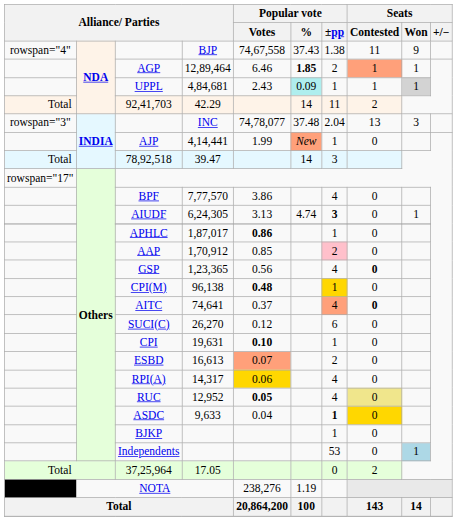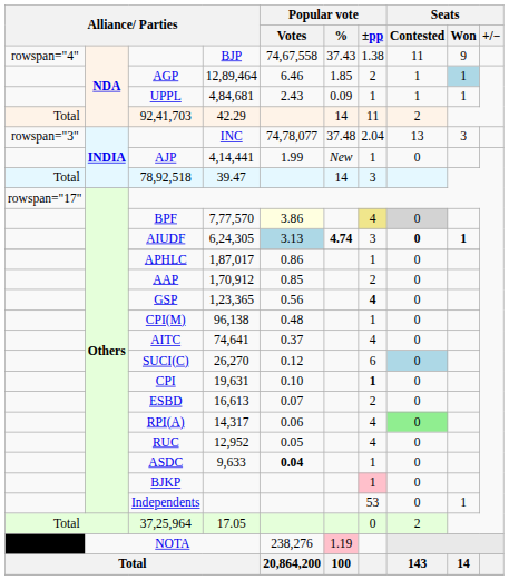 <table class="wikitable sortable" style="text-align:center;">
 <tr>
 <th colspan="4" rowspan="2">Alliance/ Parties</th>
 <th colspan="3">Popular vote</th>
 <th colspan="3">Seats</th>
 </tr>
 <tr>
 <th>Votes</th>
 <th>%</th>
 <th>±<a href='#'>pp</a></th>
 <th>Contested</th>
 <th>Won</th>
 <th><strong>+/−</strong></th>
 </tr>
 <tr>
 <td>rowspan="4" </td>
 <th rowspan="4"style="background:#fef3e8"><a href='#'>NDA</a></th>
 <td></td>
 <td><a href='#'>BJP</a></td>
 <td>74,67,558</td>
 <td>37.43</td>
 <td> 1.38</td>
 <td>11</td>
 <td>9</td>
 <td></td>
 </tr>
 <tr>
 <td></td>
 <td><a href='#'>AGP</a></td>
 <td>12,89,464</td>
 <td>6.46</td>
-<td><strong> 1.85</strong></td>
+<td> 1.85</td>
 <td>2</td>
-<td style="background: lightsalmon;">1</td>
-<td> 1</td>
+<td>1</td>
+<td style="background: lightblue;"> 1</td>
 </tr>
 <tr>
 <td></td>
 <td><a href='#'>UPPL</a></td>
 <td>4,84,681</td>
 <td>2.43</td>
-<td style="background: paleturquoise;">0.09</td>
+<td>0.09</td>
 <td>1</td>
 <td>1</td>
-<td style="background: lightgrey;"> 1</td>
+<td> 1</td>
 </tr>
 <tr>
 <td colspan="2"style="background:#fef3e8">Total</td>
 <td style="background:#fef3e8">92,41,703</td>
 <td style="background:#fef3e8">42.29</td>
 <td style="background:#fef3e8"></td>
 <td style="background:#fef3e8">14</td>
 <td style="background:#fef3e8">11</td>
 <td style="background:#fef3e8"> 2</td>
 </tr>
 <tr>
 <td>rowspan="3" </td>
 <th rowspan="3" style="background:#E5F8FF"><a href='#'>INDIA</a></th>
 <td></td>
 <td><a href='#'>INC</a></td>
 <td>74,78,077</td>
 <td>37.48</td>
 <td> 2.04</td>
 <td>13</td>
 <td>3</td>
 <td></td>
 </tr>
 <tr>
 <td></td>
 <td><a href='#'>AJP</a></td>
 <td>4,14,441</td>
 <td>1.99</td>
-<td style="background: lightsalmon;"><em>New</em></td>
+<td><em>New</em></td>
 <td>1</td>
 <td>0</td>
 <td></td>
 </tr>
 <tr>
 <td colspan="2"style="background:#E5F8FF">Total</td>
 <td style="background:#E5F8FF">78,92,518</td>
 <td style="background:#E5F8FF">39.47</td>
 <td style="background:#E5F8FF"></td>
 <td style="background:#E5F8FF">14</td>
 <td style="background:#E5F8FF">3</td>
 <td style="background:#E5F8FF"></td>
 </tr>
 <tr>
 <td>rowspan="17" </td>
 <th rowspan="17"style="background:#E5FFDA">Others</th>
 </tr>
 <tr>
 <td></td>
 <td><a href='#'>BPF</a></td>
 <td>7,77,570</td>
-<td>3.86</td>
+<td style="background: lightyellow;">3.86</td>
 <td></td>
-<td>4</td>
-<td>0</td>
+<td style="background: khaki;">4</td>
+<td style="background: lightgrey;">0</td>
 <td></td>
 </tr>
 <tr>
 <td></td>
 <td><a href='#'>AIUDF</a></td>
 <td>6,24,305</td>
-<td>3.13</td>
-<td> 4.74</td>
-<td><strong>3</strong></td>
-<td>0</td>
-<td> 1</td>
+<td style="background: lightblue;">3.13</td>
+<td><strong> 4.74</strong></td>
+<td>3</td>
+<td><strong>0</strong></td>
+<td><strong> 1</strong></td>
 </tr>
 <tr>
 </tr>
 <tr>
 <td></td>
 <td><a href='#'>APHLC</a></td>
 <td>1,87,017</td>
-<td><strong>0.86</strong></td>
+<td>0.86</td>
 <td></td>
 <td>1</td>
 <td>0</td>
 <td></td>
 </tr>
 <tr>
 <td></td>
 <td><a href='#'>AAP</a></td>
 <td>1,70,912</td>
 <td>0.85</td>
 <td></td>
-<td style="background: pink;">2</td>
+<td>2</td>
 <td>0</td>
 <td></td>
 </tr>
 <tr>
 <td></td>
 <td><a href='#'>GSP</a></td>
 <td>1,23,365</td>
 <td>0.56</td>
 <td></td>
-<td>4</td>
-<td><strong>0</strong></td>
+<td><strong>4</strong></td>
+<td>0</td>
 <td></td>
 </tr>
 <tr>
 <td></td>
 <td><a href='#'>CPI(M)</a></td>
 <td>96,138</td>
-<td><strong>0.48</strong></td>
+<td>0.48</td>
 <td></td>
-<td style="background: gold;">1</td>
+<td>1</td>
 <td>0</td>
 <td></td>
 </tr>
 <tr>
 <td></td>
 <td><a href='#'>AITC</a></td>
 <td>74,641</td>
 <td>0.37</td>
 <td></td>
-<td style="background: lightsalmon;">4</td>
-<td><strong>0</strong></td>
+<td>4</td>
+<td>0</td>
 <td></td>
 </tr>
 <tr>
 <td></td>
 <td><a href='#'>SUCI(C)</a></td>
 <td>26,270</td>
 <td>0.12</td>
 <td></td>
 <td>6</td>
-<td>0</td>
+<td style="background: lightblue;">0</td>
 <td></td>
 </tr>
 <tr>
 <td></td>
 <td><a href='#'>CPI</a></td>
 <td>19,631</td>
-<td><strong>0.10</strong></td>
+<td>0.10</td>
 <td></td>
-<td>1</td>
+<td><strong>1</strong></td>
 <td>0</td>
 <td></td>
 </tr>
 <tr>
 <td></td>
 <td><a href='#'>ESBD</a></td>
 <td>16,613</td>
-<td style="background: lightsalmon;">0.07</td>
+<td>0.07</td>
 <td></td>
 <td>2</td>
 <td>0</td>
 <td></td>
 </tr>
 <tr>
 <td></td>
 <td><a href='#'>RPI(A)</a></td>
 <td>14,317</td>
-<td style="background: gold;">0.06</td>
+<td>0.06</td>
+<td></td>
+<td>4</td>
+<td style="background: lightgreen;">0</td>
+<td></td>
+</tr>
+<tr>
+<td></td>
+<td><a href='#'>RUC</a></td>
+<td>12,952</td>
+<td>0.05</td>
 <td></td>
 <td>4</td>
 <td>0</td>
 <td></td>
 </tr>
 <tr>
 <td></td>
-<td><a href='#'>RUC</a></td>
-<td>12,952</td>
-<td><strong>0.05</strong></td>
-<td></td>
-<td>4</td>
-<td style="background: khaki;">0</td>
-<td></td>
-</tr>
-<tr>
-<td></td>
 <td><a href='#'>ASDC</a></td>
 <td>9,633</td>
-<td>0.04</td>
+<td><strong>0.04</strong></td>
 <td></td>
-<td><strong>1</strong></td>
-<td style="background: gold;">0</td>
+<td>1</td>
+<td>0</td>
 <td></td>
 </tr>
 <tr>
 <td></td>
 <td><a href='#'>BJKP</a></td>
 <td></td>
 <td></td>
 <td></td>
-<td>1</td>
+<td style="background: pink;">1</td>
 <td>0</td>
 <td></td>
 </tr>
 <tr>
 <td></td>
 <td><a href='#'>Independents</a></td>
 <td></td>
 <td></td>
 <td></td>
 <td>53</td>
 <td>0</td>
-<td style="background: lightblue;"> 1</td>
+<td> 1</td>
 </tr>
 <tr>
 <td colspan="2"style="background:#E5FFDA">Total</td>
 <td style="background:#E5FFDA">37,25,964</td>
 <td style="background:#E5FFDA">17.05</td>
 <td style="background:#E5FFDA"></td>
 <td style="background:#E5FFDA"></td>
 <td style="background:#E5FFDA">0</td>
 <td style="background:#E5FFDA">2</td>
 </tr>
 <tr>
 <td bgcolor="Black"></td>
 <td colspan="3"><a href='#'>NOTA</a></td>
 <td>238,276</td>
-<td>1.19</td>
+<td style="background: pink;">1.19</td>
 <td></td>
 <th colspan="3" style="background-color:#E9E9E9"></th>
 </tr>
 <tr>
 <th colspan="4">Total</th>
 <th>20,864,200</th>
 <th>100</th>
 <th></th>
 <th>143</th>
 <th>14</th>
 <th></th>
 </tr>
 <tr>
 </tr>
 </table>
